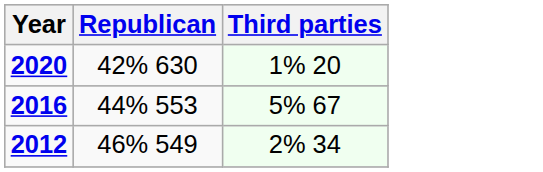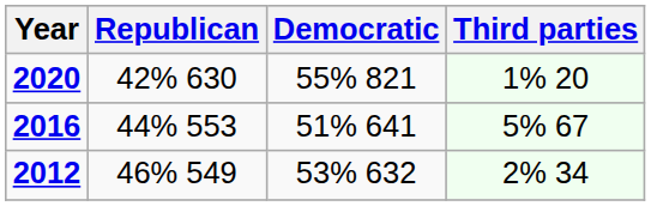 <table class="wikitable">
 <tr>
 <th>Year</th>
 <th><a href='#'>Republican</a></th>
+<th><a href='#'>Democratic</a></th>
 <th><a href='#'>Third parties</a></th>
 </tr>
 <tr>
 <td style="text-align:center; "><strong><a href='#'>2020</a></strong></td>
 <td style="text-align:center; ">42% 630</td>
+<td style="text-align:center; ">55% 821</td>
 <td style="text-align:center; background-color:honeyDew;">1% 20</td>
 </tr>
 <tr>
 <td style="text-align:center; "><strong><a href='#'>2016</a></strong></td>
 <td style="text-align:center; ">44% 553</td>
+<td style="text-align:center; ">51% 641</td>
 <td style="text-align:center; background-color:honeyDew;">5% 67</td>
 </tr>
 <tr>
 <td style="text-align:center; "><strong><a href='#'>2012</a></strong></td>
 <td style="text-align:center; ">46% 549</td>
+<td style="text-align:center; ">53% 632</td>
 <td style="text-align:center; background-color:honeyDew;">2% 34</td>
 </tr>
 </table>
